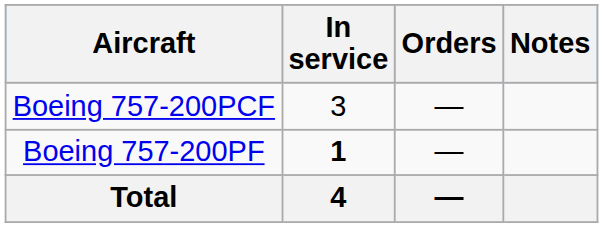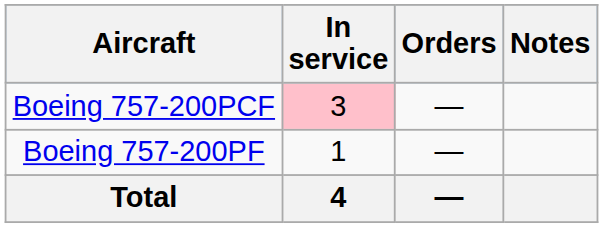 <table class="wikitable" style="margin:0.5em auto; text-align:center">
 <tr bgcolor=#75aadb>
 <th>Aircraft</th>
 <th>In <br> service</th>
 <th>Orders</th>
 <th>Notes</th>
 </tr>
 <tr>
 <td><a href='#'>Boeing 757-200PCF</a></td>
-<td>3</td>
+<td style="background: pink;">3</td>
 <td>—</td>
 <td></td>
 </tr>
 <tr>
 <td><a href='#'>Boeing 757-200PF</a></td>
-<td><strong>1</strong></td>
+<td>1</td>
 <td>—</td>
 <td></td>
 </tr>
 <tr>
 <th>Total</th>
 <th>4</th>
 <th>—</th>
 <th colspan=2></th>
 </tr>
 </table>
